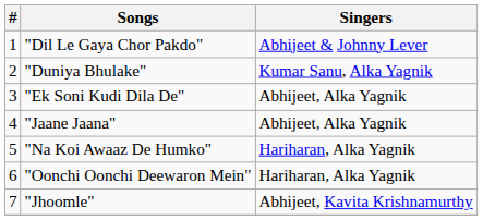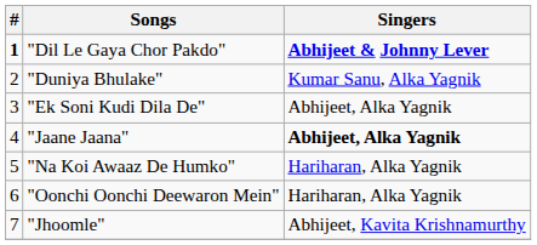 <table class="wikitable sortable">
 <tr>
 <th>#</th>
 <th>Songs</th>
 <th>Singers</th>
 </tr>
 <tr>
-<td>1</td>
+<td><strong>1</strong></td>
 <td>"Dil Le Gaya Chor Pakdo"</td>
-<td><a href='#'>Abhijeet &</a> <a href='#'>Johnny Lever</a></td>
+<td><strong><a href='#'>Abhijeet &</a> <a href='#'>Johnny Lever</a></strong></td>
 </tr>
 <tr>
 <td>2</td>
 <td>"Duniya Bhulake"</td>
 <td><a href='#'>Kumar Sanu</a>, <a href='#'>Alka Yagnik</a></td>
 </tr>
 <tr>
 <td>3</td>
 <td>"Ek Soni Kudi Dila De"</td>
 <td>Abhijeet, Alka Yagnik</td>
 </tr>
 <tr>
 <td>4</td>
 <td>"Jaane Jaana"</td>
-<td>Abhijeet, Alka Yagnik</td>
+<td><strong>Abhijeet, Alka Yagnik</strong></td>
 </tr>
 <tr>
 <td>5</td>
 <td>"Na Koi Awaaz De Humko"</td>
 <td><a href='#'>Hariharan</a>, Alka Yagnik</td>
 </tr>
 <tr>
 <td>6</td>
 <td>"Oonchi Oonchi Deewaron Mein"</td>
 <td>Hariharan, Alka Yagnik</td>
 </tr>
 <tr>
 <td>7</td>
 <td>"Jhoomle"</td>
 <td>Abhijeet, <a href='#'>Kavita Krishnamurthy</a></td>
 </tr>
 <tr>
 </tr>
 </table>
